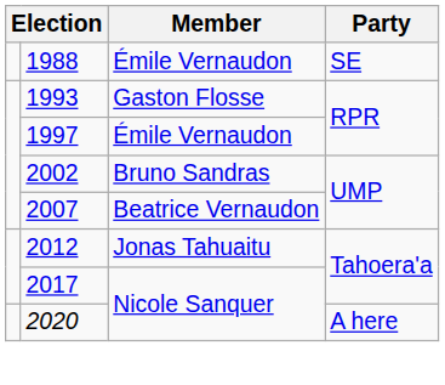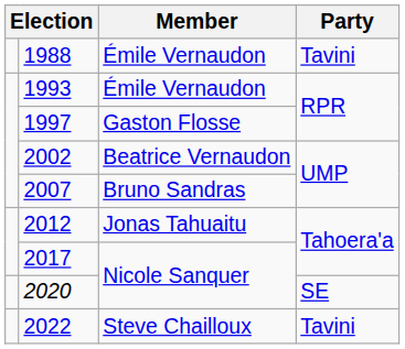 <table class="wikitable">
 <tr>
 <th colspan="2">Election</th>
 <th>Member</th>
 <th>Party</th>
 </tr>
 <tr>
 <td style="color:inherit;background-color: "></td>
 <td><a href='#'>1988</a></td>
 <td><a href='#'>Émile Vernaudon</a></td>
-<td><a href='#'>SE</a></td>
+<td><a href='#'>Tavini</a></td>
 </tr>
 <tr>
 <td rowspan="4" style="background-color: "></td>
 <td><a href='#'>1993</a></td>
-<td><a href='#'>Gaston Flosse</a></td>
+<td><a href='#'>Émile Vernaudon</a></td>
 <td rowspan="2"><a href='#'>RPR</a></td>
 </tr>
 <tr>
 <td><a href='#'>1997</a></td>
-<td><a href='#'>Émile Vernaudon</a></td>
+<td><a href='#'>Gaston Flosse</a></td>
 </tr>
 <tr>
 <td><a href='#'>2002</a></td>
-<td><a href='#'>Bruno Sandras</a></td>
+<td><a href='#'>Beatrice Vernaudon</a></td>
 <td rowspan="2"><a href='#'>UMP</a></td>
 </tr>
 <tr>
 <td><a href='#'>2007</a></td>
-<td><a href='#'>Beatrice Vernaudon</a></td>
+<td><a href='#'>Bruno Sandras</a></td>
 </tr>
 <tr>
 <td rowspan="2" style="background-color: "></td>
 <td><a href='#'>2012</a></td>
 <td><a href='#'>Jonas Tahuaitu</a></td>
 <td rowspan="2"><a href='#'>Tahoera'a</a></td>
 </tr>
 <tr>
 <td><a href='#'>2017</a></td>
 <td rowspan="2"><a href='#'>Nicole Sanquer</a></td>
 </tr>
 <tr>
 <td style="color:inherit;background-color: "></td>
 <td><em>2020</em></td>
-<td><a href='#'>A here</a></td>
+<td><a href='#'>SE</a></td>
+</tr>
+<tr>
+<td style="color:inherit;background-color: "></td>
+<td><a href='#'>2022</a></td>
+<td><a href='#'>Steve Chailloux</a></td>
+<td><a href='#'>Tavini</a></td>
 </tr>
 </table>
